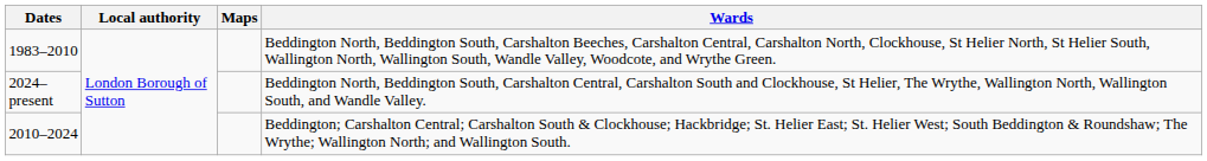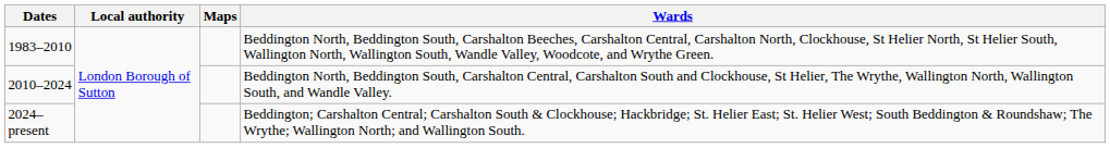 <table class=wikitable>
 <tr>
 <th>Dates</th>
 <th>Local authority</th>
 <th>Maps</th>
 <th><a href='#'>Wards</a></th>
 </tr>
 <tr>
 <td>1983–2010</td>
 <td rowspan="3"><a href='#'>London Borough of Sutton</a></td>
 <td></td>
 <td>Beddington North, Beddington South, Carshalton Beeches, Carshalton Central, Carshalton North, Clockhouse, St Helier North, St Helier South, Wallington North, Wallington South, Wandle Valley, Woodcote, and Wrythe Green.</td>
 </tr>
 <tr>
-<td>2024–present</td>
+<td>2010–2024</td>
 <td></td>
 <td>Beddington North, Beddington South, Carshalton Central, Carshalton South and Clockhouse, St Helier, The Wrythe, Wallington North, Wallington South, and Wandle Valley.</td>
 </tr>
 <tr>
-<td>2010–2024</td>
+<td>2024–present</td>
 <td></td>
 <td>Beddington; Carshalton Central; Carshalton South & Clockhouse; Hackbridge; St. Helier East; St. Helier West; South Beddington & Roundshaw; The Wrythe; Wallington North; and Wallington South.</td>
 </tr>
 </table>
